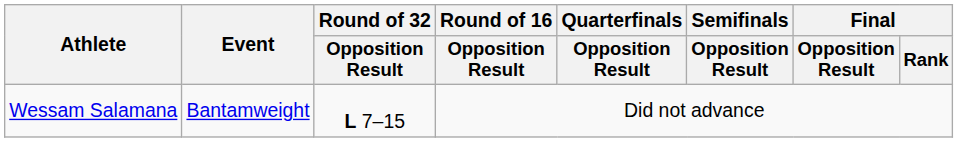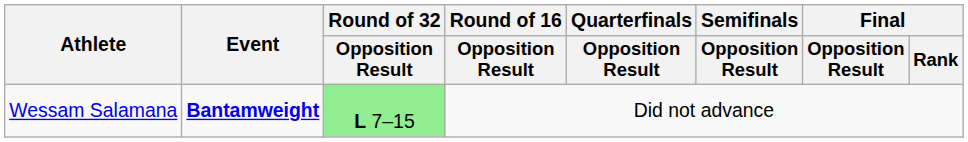 <table class="wikitable" style="font-size:90%;">
 <tr>
 <th rowspan="2">Athlete</th>
 <th rowspan="2">Event</th>
 <th>Round of 32</th>
 <th>Round of 16</th>
 <th>Quarterfinals</th>
 <th>Semifinals</th>
 <th colspan=2>Final</th>
 </tr>
 <tr style="font-size:95%">
 <th>Opposition<br>Result</th>
 <th>Opposition<br>Result</th>
 <th>Opposition<br>Result</th>
 <th>Opposition<br>Result</th>
 <th>Opposition<br>Result</th>
 <th>Rank</th>
 </tr>
 <tr align=center>
 <td align=left><a href='#'>Wessam Salamana</a></td>
-<td align=left><a href='#'>Bantamweight</a></td>
-<td><br><strong>L</strong> 7–15</td>
+<td align=left><strong><a href='#'>Bantamweight</a></strong></td>
+<td style="background: lightgreen;"><br><strong>L</strong> 7–15</td>
 <td colspan=5>Did not advance</td>
 </tr>
 </table>
